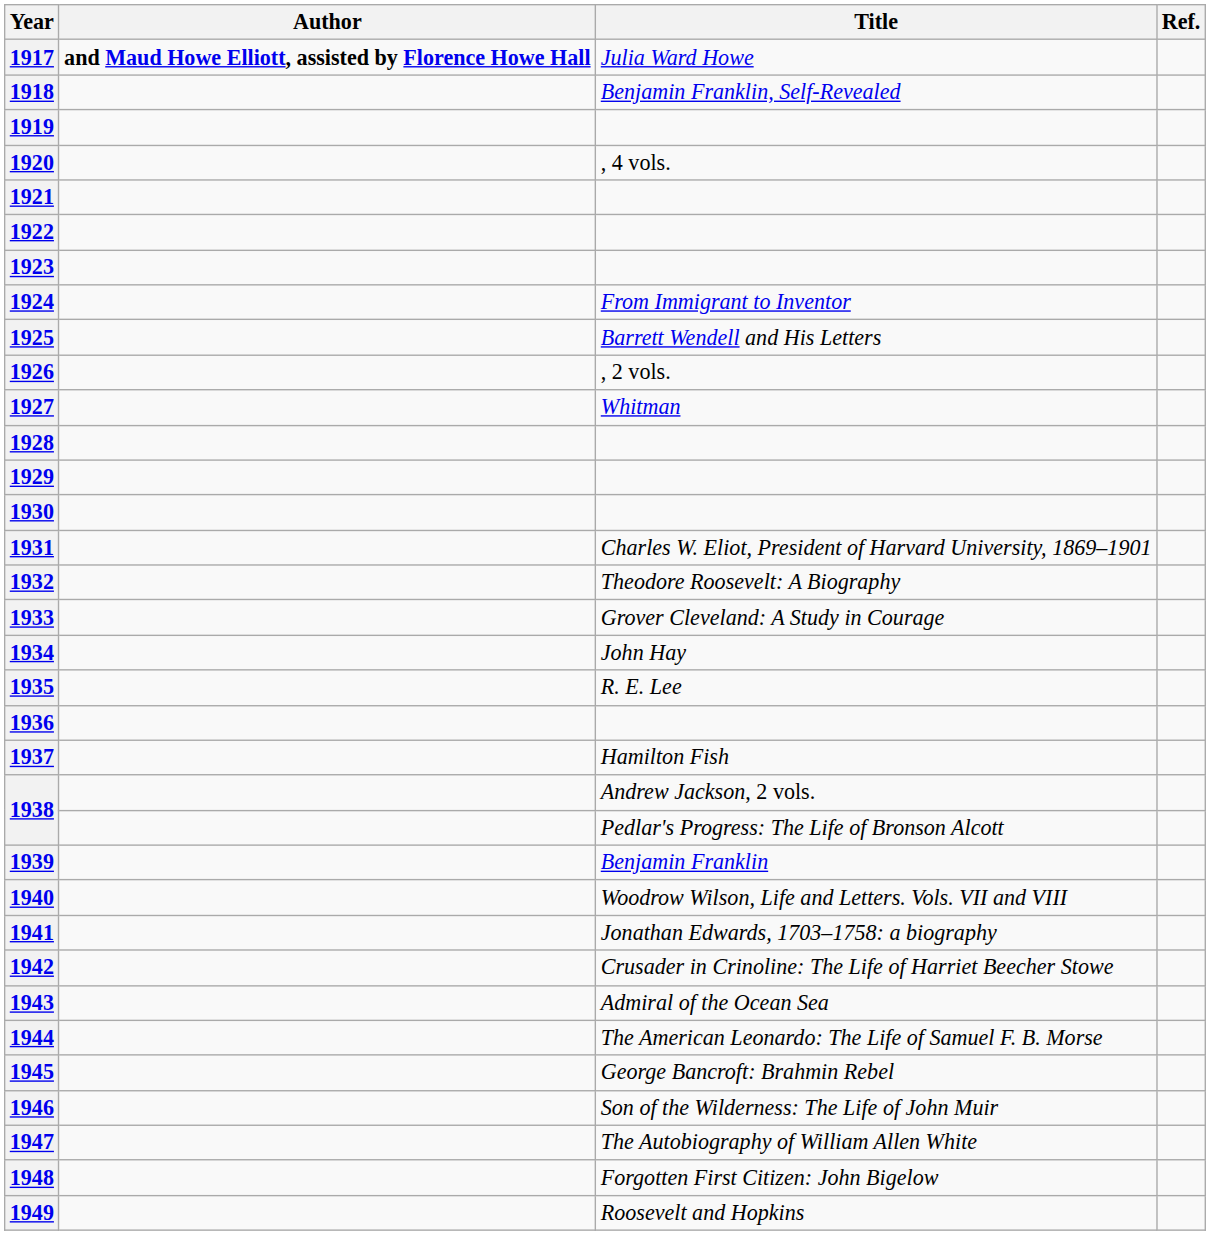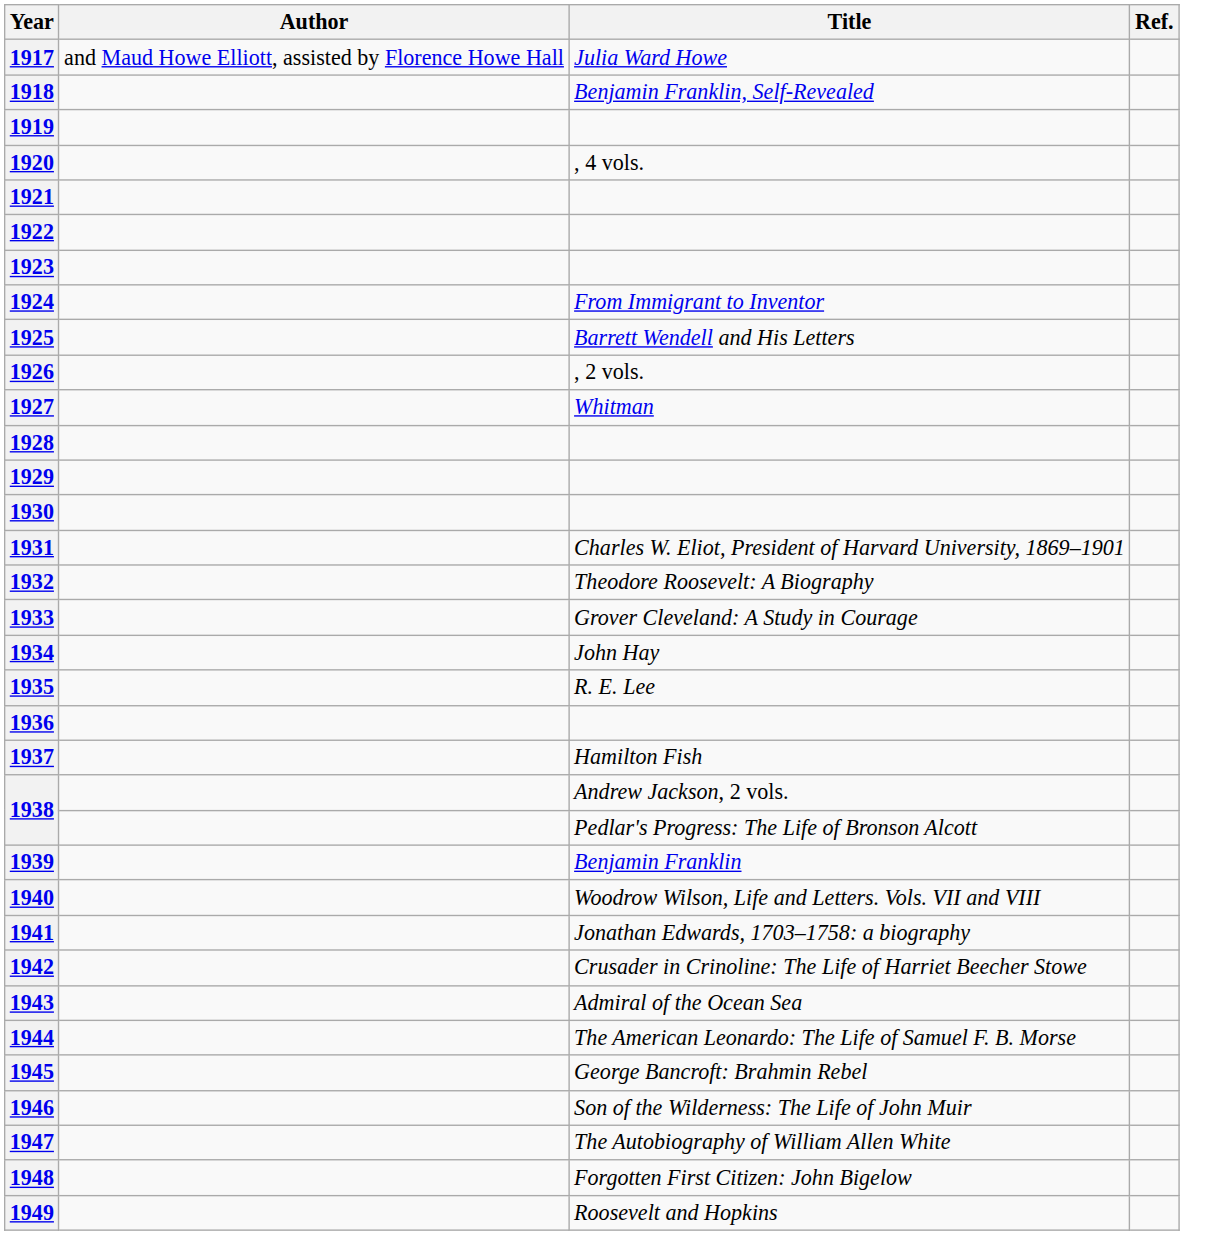 <table class="wikitable sortable mw-collapsible">
 <tr>
 <th>Year</th>
 <th>Author</th>
 <th>Title</th>
 <th>Ref.</th>
 </tr>
 <tr>
 <th><a href='#'>1917</a></th>
-<td><strong> and <a href='#'>Maud Howe Elliott</a>, assisted by <a href='#'>Florence Howe Hall</a></strong></td>
+<td> and <a href='#'>Maud Howe Elliott</a>, assisted by <a href='#'>Florence Howe Hall</a></td>
 <td><em><a href='#'>Julia Ward Howe</a></em></td>
 <td></td>
 </tr>
 <tr>
 <th><a href='#'>1918</a></th>
 <td></td>
 <td><em><a href='#'>Benjamin Franklin, Self-Revealed</a></em></td>
 <td></td>
 </tr>
 <tr>
 <th><a href='#'>1919</a></th>
 <td></td>
 <td></td>
 <td></td>
 </tr>
 <tr>
 <th><a href='#'>1920</a></th>
 <td></td>
 <td>, 4 vols.</td>
 <td></td>
 </tr>
 <tr>
 <th><a href='#'>1921</a></th>
 <td></td>
 <td></td>
 <td></td>
 </tr>
 <tr>
 <th><a href='#'>1922</a></th>
 <td></td>
 <td></td>
 <td></td>
 </tr>
 <tr>
 <th><a href='#'>1923</a></th>
 <td></td>
 <td></td>
 <td></td>
 </tr>
 <tr>
 <th><a href='#'>1924</a></th>
 <td></td>
 <td><em><a href='#'>From Immigrant to Inventor</a></em></td>
 <td></td>
 </tr>
 <tr>
 <th><a href='#'>1925</a></th>
 <td></td>
 <td><em><a href='#'>Barrett Wendell</a> and His Letters</em></td>
 <td></td>
 </tr>
 <tr>
 <th><a href='#'>1926</a></th>
 <td></td>
 <td>, 2 vols.</td>
 <td></td>
 </tr>
 <tr>
 <th><a href='#'>1927</a></th>
 <td></td>
 <td><em><a href='#'>Whitman</a></em></td>
 <td></td>
 </tr>
 <tr>
 <th><a href='#'>1928</a></th>
 <td></td>
 <td></td>
 <td></td>
 </tr>
 <tr>
 <th><a href='#'>1929</a></th>
 <td></td>
 <td></td>
 <td></td>
 </tr>
 <tr>
 <th><a href='#'>1930</a></th>
 <td></td>
 <td></td>
 <td></td>
 </tr>
 <tr>
 <th><a href='#'>1931</a></th>
 <td></td>
 <td><em>Charles W. Eliot, President of Harvard University, 1869–1901</em></td>
 <td></td>
 </tr>
 <tr>
 <th><a href='#'>1932</a></th>
 <td></td>
 <td><em>Theodore Roosevelt: A Biography</em></td>
 <td></td>
 </tr>
 <tr>
 <th><a href='#'>1933</a></th>
 <td></td>
 <td><em>Grover Cleveland: A Study in Courage</em></td>
 <td></td>
 </tr>
 <tr>
 <th><a href='#'>1934</a></th>
 <td></td>
 <td><em>John Hay</em></td>
 <td></td>
 </tr>
 <tr>
 <th><a href='#'>1935</a></th>
 <td></td>
 <td><em>R. E. Lee</em></td>
 <td></td>
 </tr>
 <tr>
 <th><a href='#'>1936</a></th>
 <td></td>
 <td></td>
 <td></td>
 </tr>
 <tr>
 <th><a href='#'>1937</a></th>
 <td></td>
 <td><em>Hamilton Fish</em></td>
 <td></td>
 </tr>
 <tr>
 <th rowspan="2"><a href='#'>1938</a></th>
 <td></td>
 <td><em>Andrew Jackson</em>, 2 vols.</td>
 <td></td>
 </tr>
 <tr>
 <td></td>
 <td><em>Pedlar's Progress: The Life of Bronson Alcott</em></td>
 <td></td>
 </tr>
 <tr>
 <th><a href='#'>1939</a></th>
 <td></td>
 <td><em><a href='#'>Benjamin Franklin</a></em></td>
 <td></td>
 </tr>
 <tr>
 <th><a href='#'>1940</a></th>
 <td></td>
 <td><em>Woodrow Wilson, Life and Letters. Vols. VII and VIII</em></td>
 <td></td>
 </tr>
 <tr>
 <th><a href='#'>1941</a></th>
 <td></td>
 <td><em>Jonathan Edwards, 1703–1758: a biography</em></td>
 <td></td>
 </tr>
 <tr>
 <th><a href='#'>1942</a></th>
 <td></td>
 <td><em>Crusader in Crinoline: The Life of Harriet Beecher Stowe</em></td>
 <td></td>
 </tr>
 <tr>
 <th><a href='#'>1943</a></th>
 <td></td>
 <td><em>Admiral of the Ocean Sea</em></td>
 <td></td>
 </tr>
 <tr>
 <th><a href='#'>1944</a></th>
 <td></td>
 <td><em>The American Leonardo: The Life of Samuel F. B. Morse</em></td>
 <td></td>
 </tr>
 <tr>
 <th><a href='#'>1945</a></th>
 <td></td>
 <td><em>George Bancroft: Brahmin Rebel</em></td>
 <td></td>
 </tr>
 <tr>
 <th><a href='#'>1946</a></th>
 <td></td>
 <td><em>Son of the Wilderness: The Life of John Muir</em></td>
 <td></td>
 </tr>
 <tr>
 <th><a href='#'>1947</a></th>
 <td></td>
 <td><em>The Autobiography of William Allen White</em></td>
 <td></td>
 </tr>
 <tr>
 <th><a href='#'>1948</a></th>
 <td></td>
 <td><em>Forgotten First Citizen: John Bigelow</em></td>
 <td></td>
 </tr>
 <tr>
 <th><a href='#'>1949</a></th>
 <td></td>
 <td><em>Roosevelt and Hopkins</em></td>
 <td></td>
 </tr>
 </table>
